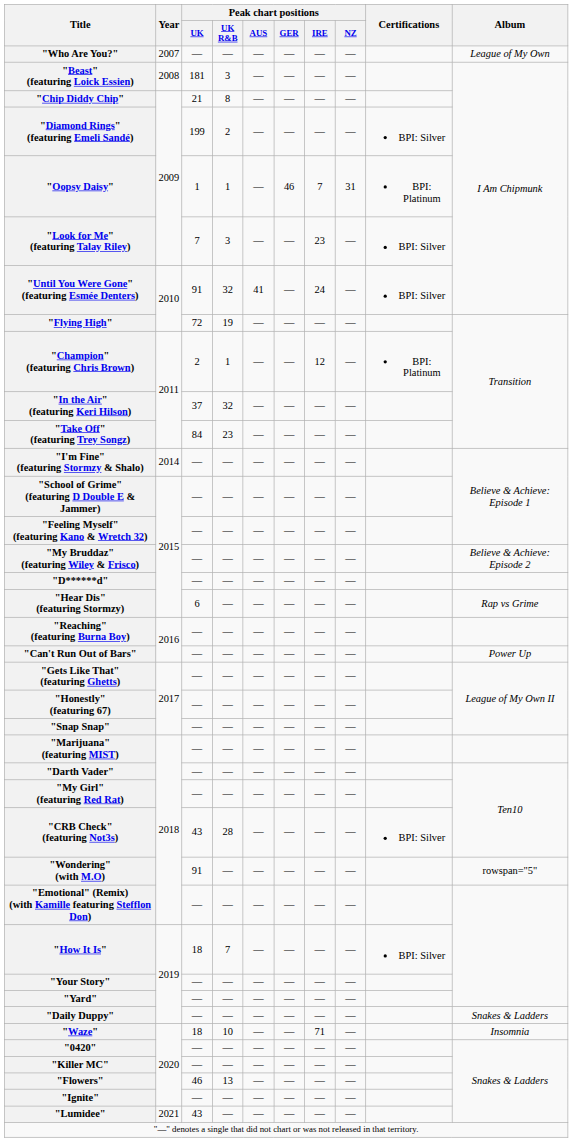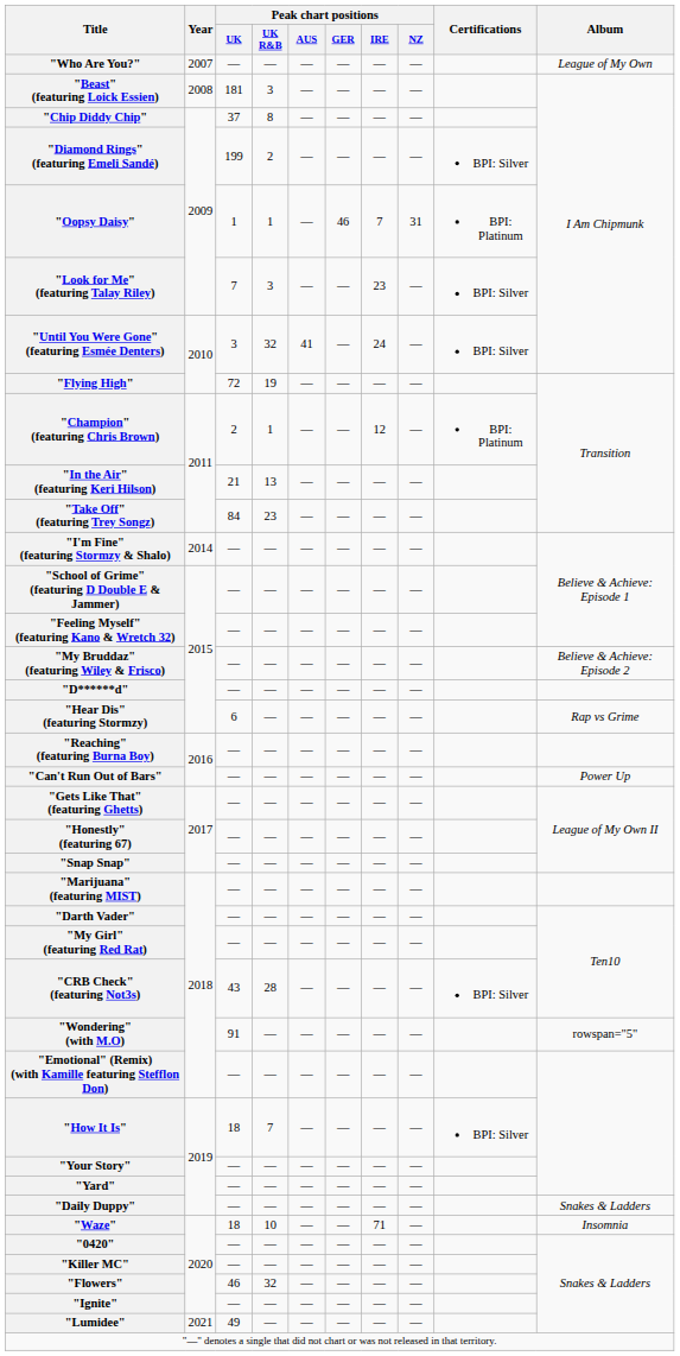 <table class="wikitable plainrowheaders" style="text-align:center;">
 <tr>
 <th scope="col" rowspan="2">Title</th>
 <th scope="col" rowspan="2">Year</th>
 <th scope="col" colspan="6">Peak chart positions</th>
 <th scope="col" rowspan="2">Certifications</th>
 <th scope="col" rowspan="2">Album</th>
 </tr>
 <tr>
 <th scope="col" style="width:3em;font-size:85%;"><a href='#'>UK</a><br></th>
 <th scope="col" style="width:3em;font-size:85%;"><a href='#'>UK R&B</a><br></th>
 <th scope="col" style="width:3em;font-size:85%;"><a href='#'>AUS</a><br></th>
 <th scope="col" style="width:3em;font-size:85%;"><a href='#'>GER</a><br></th>
 <th scope="col" style="width:3em;font-size:85%;"><a href='#'>IRE</a><br></th>
 <th scope="col" style="width:3em;font-size:85%;"><a href='#'>NZ</a><br></th>
 </tr>
 <tr>
 <th scope="row">"Who Are You?"</th>
 <td>2007</td>
 <td>—</td>
 <td>—</td>
 <td>—</td>
 <td>—</td>
 <td>—</td>
 <td>—</td>
 <td></td>
 <td><em>League of My Own</em></td>
 </tr>
 <tr>
 <th scope="row">"<a href='#'>Beast</a>"<br><span>(featuring <a href='#'>Loick Essien</a>)</span></th>
 <td>2008</td>
 <td>181</td>
 <td>3</td>
 <td>—</td>
 <td>—</td>
 <td>—</td>
 <td>—</td>
 <td></td>
 <td rowspan="6"><em>I Am Chipmunk</em></td>
 </tr>
 <tr>
 <th scope="row">"<a href='#'>Chip Diddy Chip</a>"</th>
 <td rowspan="4">2009</td>
-<td>21</td>
+<td>37</td>
 <td>8</td>
 <td>—</td>
 <td>—</td>
 <td>—</td>
 <td>—</td>
 <td></td>
 </tr>
 <tr>
 <th scope="row">"<a href='#'>Diamond Rings</a>"<br><span>(featuring <a href='#'>Emeli Sandé</a>)</span></th>
 <td>199</td>
 <td>2</td>
 <td>—</td>
 <td>—</td>
 <td>—</td>
 <td>—</td>
 <td><br><ul><li>BPI: Silver</li></ul></td>
 </tr>
 <tr>
 <th scope="row">"<a href='#'>Oopsy Daisy</a>"</th>
 <td>1</td>
 <td>1</td>
 <td>—</td>
 <td>46</td>
 <td>7</td>
 <td>31</td>
 <td><br><ul><li>BPI: Platinum</li></ul></td>
 </tr>
 <tr>
 <th scope="row">"<a href='#'>Look for Me</a>"<br><span>(featuring <a href='#'>Talay Riley</a>)</span></th>
 <td>7</td>
 <td>3</td>
 <td>—</td>
 <td>—</td>
 <td>23</td>
 <td>—</td>
 <td><br><ul><li>BPI: Silver</li></ul></td>
 </tr>
 <tr>
 <th scope="row">"<a href='#'>Until You Were Gone</a>"<br><span>(featuring <a href='#'>Esmée Denters</a>)</span></th>
 <td rowspan="2">2010</td>
-<td>91</td>
+<td>3</td>
 <td>32</td>
 <td>41</td>
 <td>—</td>
 <td>24</td>
 <td>—</td>
 <td><br><ul><li>BPI: Silver</li></ul></td>
 </tr>
 <tr>
 <th scope="row">"<a href='#'>Flying High</a>"</th>
 <td>72</td>
 <td>19</td>
 <td>—</td>
 <td>—</td>
 <td>—</td>
 <td>—</td>
 <td></td>
 <td rowspan="4"><em>Transition</em></td>
 </tr>
 <tr>
 <th scope="row">"<a href='#'>Champion</a>"<br><span>(featuring <a href='#'>Chris Brown</a>)</span></th>
 <td rowspan="3">2011</td>
 <td>2</td>
 <td>1</td>
 <td>—</td>
 <td>—</td>
 <td>12</td>
 <td>—</td>
 <td><br><ul><li>BPI: Platinum</li></ul></td>
 </tr>
 <tr>
 <th scope="row">"<a href='#'>In the Air</a>"<br><span>(featuring <a href='#'>Keri Hilson</a>)</span></th>
-<td>37</td>
-<td>32</td>
+<td>21</td>
+<td>13</td>
 <td>—</td>
 <td>—</td>
 <td>—</td>
 <td>—</td>
 <td></td>
 </tr>
 <tr>
 <th scope="row">"<a href='#'>Take Off</a>"<br><span>(featuring <a href='#'>Trey Songz</a>)</span></th>
 <td>84</td>
 <td>23</td>
 <td>—</td>
 <td>—</td>
 <td>—</td>
 <td>—</td>
 <td></td>
 </tr>
 <tr>
 <th scope="row">"I'm Fine"<br><span>(featuring <a href='#'>Stormzy</a> & Shalo)</span></th>
 <td>2014</td>
 <td>—</td>
 <td>—</td>
 <td>—</td>
 <td>—</td>
 <td>—</td>
 <td>—</td>
 <td></td>
 <td rowspan="3"><em>Believe & Achieve: Episode 1</em></td>
 </tr>
 <tr>
 <th scope="row">"School of Grime"<br><span>(featuring <a href='#'>D Double E</a> & Jammer)</span></th>
 <td rowspan="5">2015</td>
 <td>—</td>
 <td>—</td>
 <td>—</td>
 <td>—</td>
 <td>—</td>
 <td>—</td>
 <td></td>
 </tr>
 <tr>
 <th scope="row">"Feeling Myself"<br><span>(featuring <a href='#'>Kano</a> & <a href='#'>Wretch 32</a>)</span></th>
 <td>—</td>
 <td>—</td>
 <td>—</td>
 <td>—</td>
 <td>—</td>
 <td>—</td>
 <td></td>
 </tr>
 <tr>
 <th scope="row">"My Bruddaz"<br><span>(featuring <a href='#'>Wiley</a> & <a href='#'>Frisco</a>)</span></th>
 <td>—</td>
 <td>—</td>
 <td>—</td>
 <td>—</td>
 <td>—</td>
 <td>—</td>
 <td></td>
 <td><em>Believe & Achieve: Episode 2</em></td>
 </tr>
 <tr>
 <th scope="row">"D******d"</th>
 <td>—</td>
 <td>—</td>
 <td>—</td>
 <td>—</td>
 <td>—</td>
 <td>—</td>
 <td></td>
 <td></td>
 </tr>
 <tr>
 <th scope="row">"Hear Dis"<br><span>(featuring Stormzy)</span></th>
 <td>6</td>
 <td>—</td>
 <td>—</td>
 <td>—</td>
 <td>—</td>
 <td>—</td>
 <td></td>
 <td><em>Rap vs Grime</em></td>
 </tr>
 <tr>
 <th scope="row">"Reaching"<br><span>(featuring <a href='#'>Burna Boy</a>)</span></th>
 <td rowspan="2">2016</td>
 <td>—</td>
 <td>—</td>
 <td>—</td>
 <td>—</td>
 <td>—</td>
 <td>—</td>
 <td></td>
 <td></td>
 </tr>
 <tr>
 <th scope="row">"Can't Run Out of Bars"</th>
 <td>—</td>
 <td>—</td>
 <td>—</td>
 <td>—</td>
 <td>—</td>
 <td>—</td>
 <td></td>
 <td><em>Power Up</em></td>
 </tr>
 <tr>
 <th scope="row">"Gets Like That"<br><span>(featuring <a href='#'>Ghetts</a>)</span></th>
 <td rowspan="3">2017</td>
 <td>—</td>
 <td>—</td>
 <td>—</td>
 <td>—</td>
 <td>—</td>
 <td>—</td>
 <td></td>
 <td rowspan="3"><em>League of My Own II</em></td>
 </tr>
 <tr>
 <th scope="row">"Honestly"<br><span>(featuring 67)</span></th>
 <td>—</td>
 <td>—</td>
 <td>—</td>
 <td>—</td>
 <td>—</td>
 <td>—</td>
 <td></td>
 </tr>
 <tr>
 <th scope="row">"Snap Snap"</th>
 <td>—</td>
 <td>—</td>
 <td>—</td>
 <td>—</td>
 <td>—</td>
 <td>—</td>
 <td></td>
 </tr>
 <tr>
 <th scope="row">"Marijuana"<br><span>(featuring <a href='#'>MIST</a>)</span></th>
 <td rowspan="6">2018</td>
 <td>—</td>
 <td>—</td>
 <td>—</td>
 <td>—</td>
 <td>—</td>
 <td>—</td>
 <td></td>
 <td></td>
 </tr>
 <tr>
 <th scope="row">"Darth Vader"</th>
 <td>—</td>
 <td>—</td>
 <td>—</td>
 <td>—</td>
 <td>—</td>
 <td>—</td>
 <td></td>
 <td rowspan="3"><em>Ten10</em></td>
 </tr>
 <tr>
 <th scope="row">"My Girl"<br><span>(featuring <a href='#'>Red Rat</a>)</span></th>
 <td>—</td>
 <td>—</td>
 <td>—</td>
 <td>—</td>
 <td>—</td>
 <td>—</td>
 <td></td>
 </tr>
 <tr>
 <th scope="row">"CRB Check"<br><span>(featuring <a href='#'>Not3s</a>)</span></th>
 <td>43</td>
 <td>28</td>
 <td>—</td>
 <td>—</td>
 <td>—</td>
 <td>—</td>
 <td><br><ul><li>BPI: Silver</li></ul></td>
 </tr>
 <tr>
 <th scope="row">"Wondering"<br><span>(with <a href='#'>M.O</a>)</span></th>
 <td>91</td>
 <td>—</td>
 <td>—</td>
 <td>—</td>
 <td>—</td>
 <td>—</td>
 <td></td>
 <td>rowspan="5" </td>
 </tr>
 <tr>
 <th scope="row">"Emotional" <span>(Remix)</span><br><span>(with <a href='#'>Kamille</a> featuring <a href='#'>Stefflon Don</a>)</span></th>
 <td>—</td>
 <td>—</td>
 <td>—</td>
 <td>—</td>
 <td>—</td>
 <td>—</td>
 <td></td>
 </tr>
 <tr>
 <th scope="row">"<a href='#'>How It Is</a>"<br></th>
 <td rowspan="4">2019</td>
 <td>18</td>
 <td>7</td>
 <td>—</td>
 <td>—</td>
 <td>—</td>
 <td>—</td>
 <td><br><ul><li>BPI: Silver</li></ul></td>
 </tr>
 <tr>
 <th scope="row">"Your Story"<br></th>
 <td>—</td>
 <td>—</td>
 <td>—</td>
 <td>—</td>
 <td>—</td>
 <td>—</td>
 <td></td>
 </tr>
 <tr>
 <th scope="row">"Yard"<br></th>
 <td>—</td>
 <td>—</td>
 <td>—</td>
 <td>—</td>
 <td>—</td>
 <td>—</td>
 <td></td>
 </tr>
 <tr>
 <th scope="row">"Daily Duppy"</th>
 <td>—</td>
 <td>—</td>
 <td>—</td>
 <td>—</td>
 <td>—</td>
 <td>—</td>
 <td></td>
 <td><em>Snakes & Ladders</em></td>
 </tr>
 <tr>
 <th scope="row">"<a href='#'>Waze</a>"<br></th>
 <td rowspan="5">2020</td>
 <td>18</td>
 <td>10</td>
 <td>—</td>
 <td>—</td>
 <td>71<br></td>
 <td>—</td>
 <td></td>
 <td><em>Insomnia</em></td>
 </tr>
 <tr>
 <th scope="row">"0420"</th>
 <td>—</td>
 <td>—</td>
 <td>—</td>
 <td>—</td>
 <td>—</td>
 <td>—</td>
 <td></td>
 <td rowspan="5"><em>Snakes & Ladders</em></td>
 </tr>
 <tr>
 <th scope="row">"Killer MC"</th>
 <td>—</td>
 <td>—</td>
 <td>—</td>
 <td>—</td>
 <td>—</td>
 <td>—</td>
 <td></td>
 </tr>
 <tr>
 <th scope="row">"Flowers"</th>
 <td>46</td>
-<td>13</td>
+<td>32</td>
 <td>—</td>
 <td>—</td>
 <td>—</td>
 <td>—</td>
 <td></td>
 </tr>
 <tr>
 <th scope="row">"Ignite"<br></th>
 <td>—</td>
 <td>—</td>
 <td>—</td>
 <td>—</td>
 <td>—</td>
 <td>—</td>
 <td></td>
 </tr>
 <tr>
 <th scope="row">"Lumidee"<br></th>
 <td>2021</td>
-<td>43</td>
+<td>49</td>
 <td>—</td>
 <td>—</td>
 <td>—</td>
 <td>—</td>
 <td>—</td>
 <td></td>
 </tr>
 <tr>
 <td colspan="20" style="font-size:85%">"—" denotes a single that did not chart or was not released in that territory.</td>
 </tr>
 </table>
